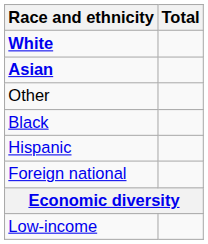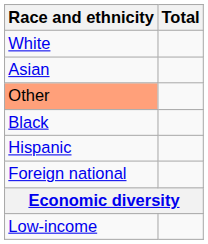 <table class="wikitable floatright sortable collapsible"; text-align:right; font-size:80%;">
 <tr>
 <th>Race and ethnicity</th>
 <th colspan="2" data-sort-type=number>Total</th>
 </tr>
 <tr>
-<td><strong><a href='#'>White</a></strong></td>
+<td><a href='#'>White</a></td>
 <td align=right></td>
 </tr>
 <tr>
-<td><strong><a href='#'>Asian</a></strong></td>
+<td><a href='#'>Asian</a></td>
 <td align=right></td>
 </tr>
 <tr>
-<td>Other</td>
+<td style="background: lightsalmon;">Other</td>
 <td align=right></td>
 </tr>
 <tr>
 <td><a href='#'>Black</a></td>
 <td align=right></td>
 </tr>
 <tr>
 <td><a href='#'>Hispanic</a></td>
 <td align=right></td>
 </tr>
 <tr>
 <td><a href='#'>Foreign national</a></td>
 <td align=right></td>
 </tr>
 <tr>
 <th colspan="4" data-sort-type=number><a href='#'>Economic diversity</a></th>
 </tr>
 <tr>
 <td><a href='#'>Low-income</a></td>
 <td align=right></td>
 </tr>
 </table>
